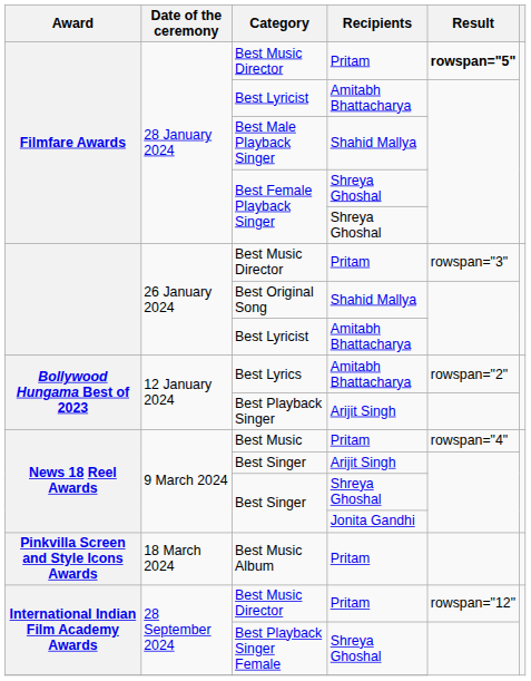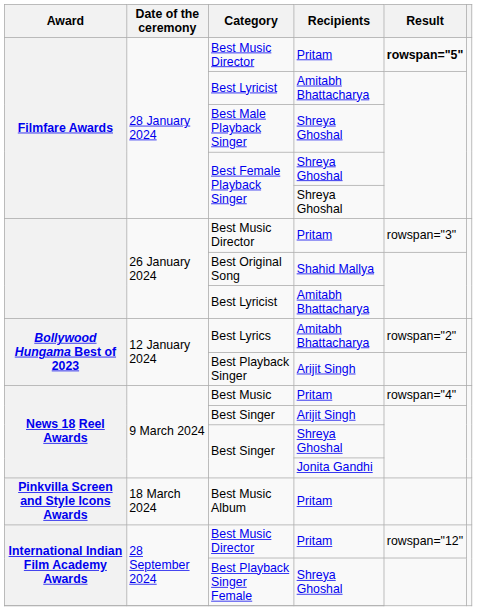 <table class="wikitable plainrowheaders sortable">
 <tr>
 <th scope="col">Award</th>
 <th scope="col">Date of the ceremony</th>
 <th scope="col">Category</th>
 <th scope="col">Recipients</th>
 <th scope="col">Result</th>
 <th scope="col" class="unsortable"></th>
 </tr>
 <tr>
 <th scope="row" rowspan="5"><a href='#'>Filmfare Awards</a></th>
 <td rowspan="5"><a href='#'>28 January 2024</a></td>
 <td><a href='#'>Best Music Director</a></td>
 <td><a href='#'>Pritam</a></td>
 <td><strong>rowspan="5" </strong></td>
 <td rowspan="5" align="center"></td>
 </tr>
 <tr>
 <td><a href='#'>Best Lyricist</a></td>
 <td><a href='#'>Amitabh Bhattacharya</a> </td>
 </tr>
 <tr>
 <td><a href='#'>Best Male Playback Singer</a></td>
-<td><a href='#'>Shahid Mallya</a> </td>
+<td><a href='#'>Shreya Ghoshal</a> </td>
 </tr>
 <tr>
 <td rowspan="2"><a href='#'>Best Female Playback Singer</a></td>
 <td><a href='#'>Shreya Ghoshal</a> </td>
 </tr>
 <tr>
 <td>Shreya Ghoshal </td>
 </tr>
 <tr>
 <th scope="row" rowspan="3"></th>
 <td rowspan="3">26 January 2024</td>
 <td>Best Music Director</td>
 <td><a href='#'>Pritam</a></td>
 <td>rowspan="3" </td>
 <td rowspan="3" align="center"></td>
 </tr>
 <tr>
 <td>Best Original Song</td>
 <td><a href='#'>Shahid Mallya</a> </td>
 </tr>
 <tr>
 <td>Best Lyricist</td>
 <td><a href='#'>Amitabh Bhattacharya</a> </td>
 </tr>
 <tr>
 <th scope="row" rowspan="2"><a href='#'><em>Bollywood Hungama</em> Best of 2023</a></th>
 <td rowspan="2">12 January 2024</td>
 <td>Best Lyrics</td>
 <td><a href='#'>Amitabh Bhattacharya</a> </td>
 <td>rowspan="2" </td>
 <td rowspan="2" align="center"></td>
 </tr>
 <tr>
 <td>Best Playback Singer </td>
 <td><a href='#'>Arijit Singh</a> </td>
 </tr>
 <tr>
 <th scope="row" rowspan="4"><a href='#'>News 18</a> <a href='#'>Reel Awards</a></th>
 <td rowspan="4">9 March 2024</td>
 <td>Best Music</td>
 <td><a href='#'>Pritam</a></td>
 <td>rowspan="4" </td>
 <td rowspan="4" align="center"></td>
 </tr>
 <tr>
 <td>Best Singer </td>
 <td><a href='#'>Arijit Singh</a> </td>
 </tr>
 <tr>
 <td rowspan="2">Best Singer </td>
 <td><a href='#'>Shreya Ghoshal</a> </td>
 </tr>
 <tr>
 <td><a href='#'>Jonita Gandhi</a> </td>
 </tr>
 <tr>
 <th scope="row"><a href='#'>Pinkvilla Screen and Style Icons Awards</a></th>
 <td>18 March 2024</td>
 <td>Best Music Album</td>
 <td><a href='#'>Pritam</a></td>
 <td></td>
 <td align="center"></td>
 </tr>
 <tr>
 <th scope="row" rowspan="2"><a href='#'>International Indian Film Academy Awards</a></th>
 <td rowspan="2"><a href='#'>28 September 2024</a></td>
 <td><a href='#'>Best Music Director</a></td>
 <td><a href='#'>Pritam</a></td>
 <td>rowspan="12" </td>
 <td style="text-align: center;" rowspan="12"></td>
 </tr>
 <tr>
 <td><a href='#'>Best Playback Singer Female</a></td>
 <td><a href='#'>Shreya Ghoshal</a> </td>
 </tr>
 <tr>
 </tr>
 </table>
